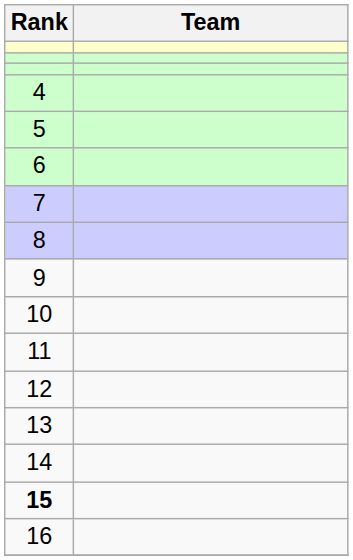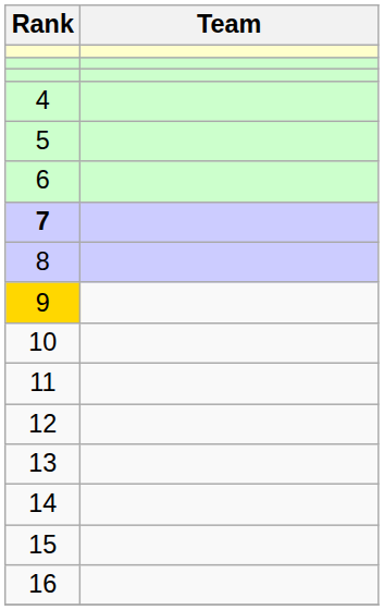 <table class="wikitable">
 <tr>
 <th style="width: 40px;">Rank</th>
 <th style="width: 180px;">Team</th>
 </tr>
 <tr bgcolor=#ffffcc>
 <td align=center></td>
 <td></td>
 </tr>
 <tr bgcolor=#ccffcc>
 <td align=center></td>
 <td></td>
 </tr>
 <tr bgcolor=#ccffcc>
 <td align=center></td>
 <td></td>
 </tr>
 <tr bgcolor=#ccffcc>
 <td align=center>4</td>
 <td></td>
 </tr>
 <tr bgcolor=#ccffcc>
 <td align=center>5</td>
 <td></td>
 </tr>
 <tr bgcolor=#ccffcc>
 <td align=center>6</td>
 <td></td>
 </tr>
 <tr bgcolor=#ccccff>
-<td align=center>7</td>
+<td align=center><strong>7</strong></td>
 <td></td>
 </tr>
 <tr bgcolor=#ccccff>
 <td align=center>8</td>
 <td></td>
 </tr>
 <tr>
-<td align=center>9</td>
+<td align=center style="background: gold;">9</td>
 <td></td>
 </tr>
 <tr>
 <td align=center>10</td>
 <td></td>
 </tr>
 <tr>
 <td align=center>11</td>
 <td></td>
 </tr>
 <tr>
 <td align=center>12</td>
 <td></td>
 </tr>
 <tr>
 <td align=center>13</td>
 <td></td>
 </tr>
 <tr>
 <td align=center>14</td>
 <td></td>
 </tr>
 <tr>
-<td align=center><strong>15</strong></td>
+<td align=center>15</td>
 <td></td>
 </tr>
 <tr>
 <td align=center>16</td>
 <td></td>
 </tr>
 <tr>
 </tr>
 </table>
